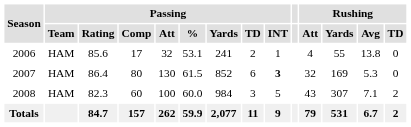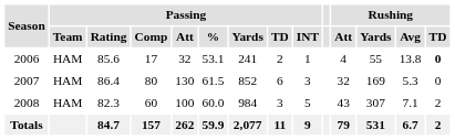 <table border=0 cellspacing=2 cellpadding=4 style="text-align:center;">
 <tr style="background-color: #E0E0E0;">
 <th rowspan=2>Season</th>
 <th colspan=8 align=center>Passing</th>
 <th></th>
 <th colspan=4 align=center>Rushing</th>
 </tr>
 <tr style="background-color: #E0E0E0;">
 <th>Team</th>
 <th>Rating</th>
 <th>Comp</th>
 <th>Att</th>
 <th>%</th>
 <th>Yards</th>
 <th>TD</th>
 <th>INT</th>
 <th></th>
 <th>Att</th>
 <th>Yards</th>
 <th>Avg</th>
 <th>TD</th>
 </tr>
 <tr style="background-color: #ffffff;" align="center">
 <td>2006</td>
 <td>HAM</td>
 <td>85.6</td>
 <td>17</td>
 <td>32</td>
 <td>53.1</td>
 <td>241</td>
 <td>2</td>
 <td>1</td>
 <td></td>
 <td>4</td>
 <td>55</td>
 <td>13.8</td>
-<td>0</td>
+<td><strong>0</strong></td>
 </tr>
 <tr style="background-color: #ffffff" align="center">
 <td>2007</td>
 <td>HAM</td>
 <td>86.4</td>
 <td>80</td>
 <td>130</td>
 <td>61.5</td>
 <td>852</td>
 <td>6</td>
-<td><strong>3</strong></td>
+<td>3</td>
 <td></td>
 <td>32</td>
 <td>169</td>
 <td>5.3</td>
 <td>0</td>
 </tr>
 <tr style="background-color: #ffffff" align="center">
 <td>2008</td>
 <td>HAM</td>
 <td>82.3</td>
 <td>60</td>
 <td>100</td>
 <td>60.0</td>
 <td>984</td>
 <td>3</td>
 <td>5</td>
 <td></td>
 <td>43</td>
 <td>307</td>
 <td>7.1</td>
 <td>2</td>
 </tr>
 <tr valign=top style="font-weight:bold; background-color: #F0F0F0;" align="center">
 <td>Totals</td>
 <td></td>
 <td>84.7</td>
 <td>157</td>
 <td>262</td>
 <td>59.9</td>
 <td>2,077</td>
 <td>11</td>
 <td>9</td>
 <td></td>
 <td>79</td>
 <td>531</td>
 <td>6.7</td>
 <td>2</td>
 </tr>
 </table>
